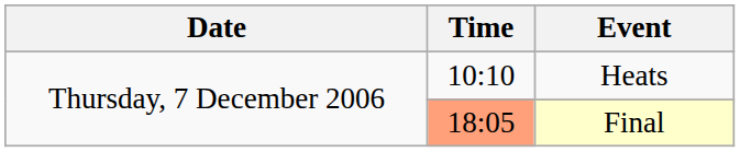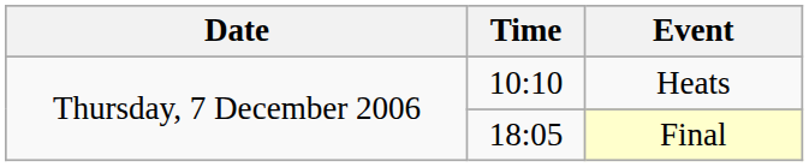 <table class = "wikitable" style="text-align:center;">
 <tr>
 <th width=220>Date</th>
 <th width=50>Time</th>
 <th width=100>Event</th>
 </tr>
 <tr>
 <td rowspan=2>Thursday, 7 December 2006</td>
 <td>10:10</td>
 <td>Heats</td>
 </tr>
 <tr>
-<td style="background: lightsalmon;">18:05</td>
+<td>18:05</td>
 <td bgcolor=ffffcc>Final</td>
 </tr>
 </table>
